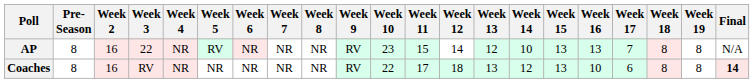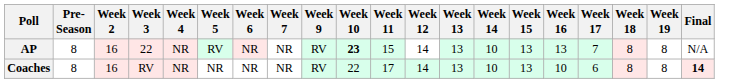 <table class="wikitable" style="white-space:nowrap;font-size:90%">
 <tr>
 <th>Poll</th>
 <th>Pre-<br>Season</th>
 <th>Week<br>2</th>
 <th>Week<br>3</th>
 <th>Week<br>4</th>
 <th>Week<br>5</th>
 <th>Week<br>6</th>
 <th>Week<br>7</th>
-<th>Week<br>8</th>
 <th>Week<br>9</th>
 <th>Week<br>10</th>
 <th>Week<br>11</th>
 <th>Week<br>12</th>
 <th>Week<br>13</th>
 <th>Week<br>14</th>
 <th>Week<br>15</th>
 <th>Week<br>16</th>
 <th>Week<br>17</th>
 <th>Week<br>18</th>
 <th>Week<br>19</th>
 <th>Final</th>
 </tr>
 <tr style="text-align:center;">
 <th>AP</th>
 <td style="background:#FFF;">8</td>
 <td style="background:#FFE6E6;">16</td>
 <td style="background:#FFE6E6;">22</td>
 <td style="background:#FFE6E6;">NR</td>
 <td style="background:#D8FFEB;">RV</td>
 <td style="background:#FFE6E6;">NR</td>
 <td style="background:#FFF;">NR</td>
-<td style="background:#FFF;">NR</td>
 <td style="background:#D8FFEB;">RV</td>
-<td style="background:#D8FFEB;">23</td>
+<td style="background:#D8FFEB;"><strong>23</strong></td>
 <td style="background:#D8FFEB;">15</td>
 <td style="background:#FFF;">14</td>
-<td style="background:#D8FFEB;">12</td>
+<td style="background:#D8FFEB;">13</td>
 <td style="background:#D8FFEB;">10</td>
 <td style="background:#D8FFEB;">13</td>
 <td style="background:#D8FFEB;">13</td>
 <td style="background:#D8FFEB;">7</td>
 <td style="background:#FFE6E6;">8</td>
 <td style="background:#FFF;">8</td>
 <td style="background:#FFF;">N/A</td>
 </tr>
 <tr style="text-align:center;">
 <th>Coaches</th>
 <td style="background:#FFF;">8</td>
 <td style="background:#FFE6E6;">16</td>
 <td style="background:#FFE6E6;">RV</td>
 <td style="background:#FFE6E6;">NR</td>
 <td style="background:#FFF;">NR</td>
 <td style="background:#FFF;">NR</td>
 <td style="background:#FFF;">NR</td>
-<td style="background:#FFF;">NR</td>
 <td style="background:#D8FFEB;">RV</td>
 <td style="background:#D8FFEB;">22</td>
 <td style="background:#D8FFEB;">17</td>
-<td style="background:#D8FFEB;">18</td>
+<td style="background:#D8FFEB;">14</td>
 <td style="background:#D8FFEB;">13</td>
-<td style="background:#D8FFEB;">12</td>
+<td style="background:#D8FFEB;">10</td>
 <td style="background:#D8FFEB;">13</td>
 <td style="background:#D8FFEB;">10</td>
 <td style="background:#D8FFEB;">6</td>
 <td style="background:#FFE6E6;">8</td>
 <td style="background:#FFF;">8</td>
 <td style="background:#FFE6E6;"><strong>14</strong></td>
 </tr>
 </table>
